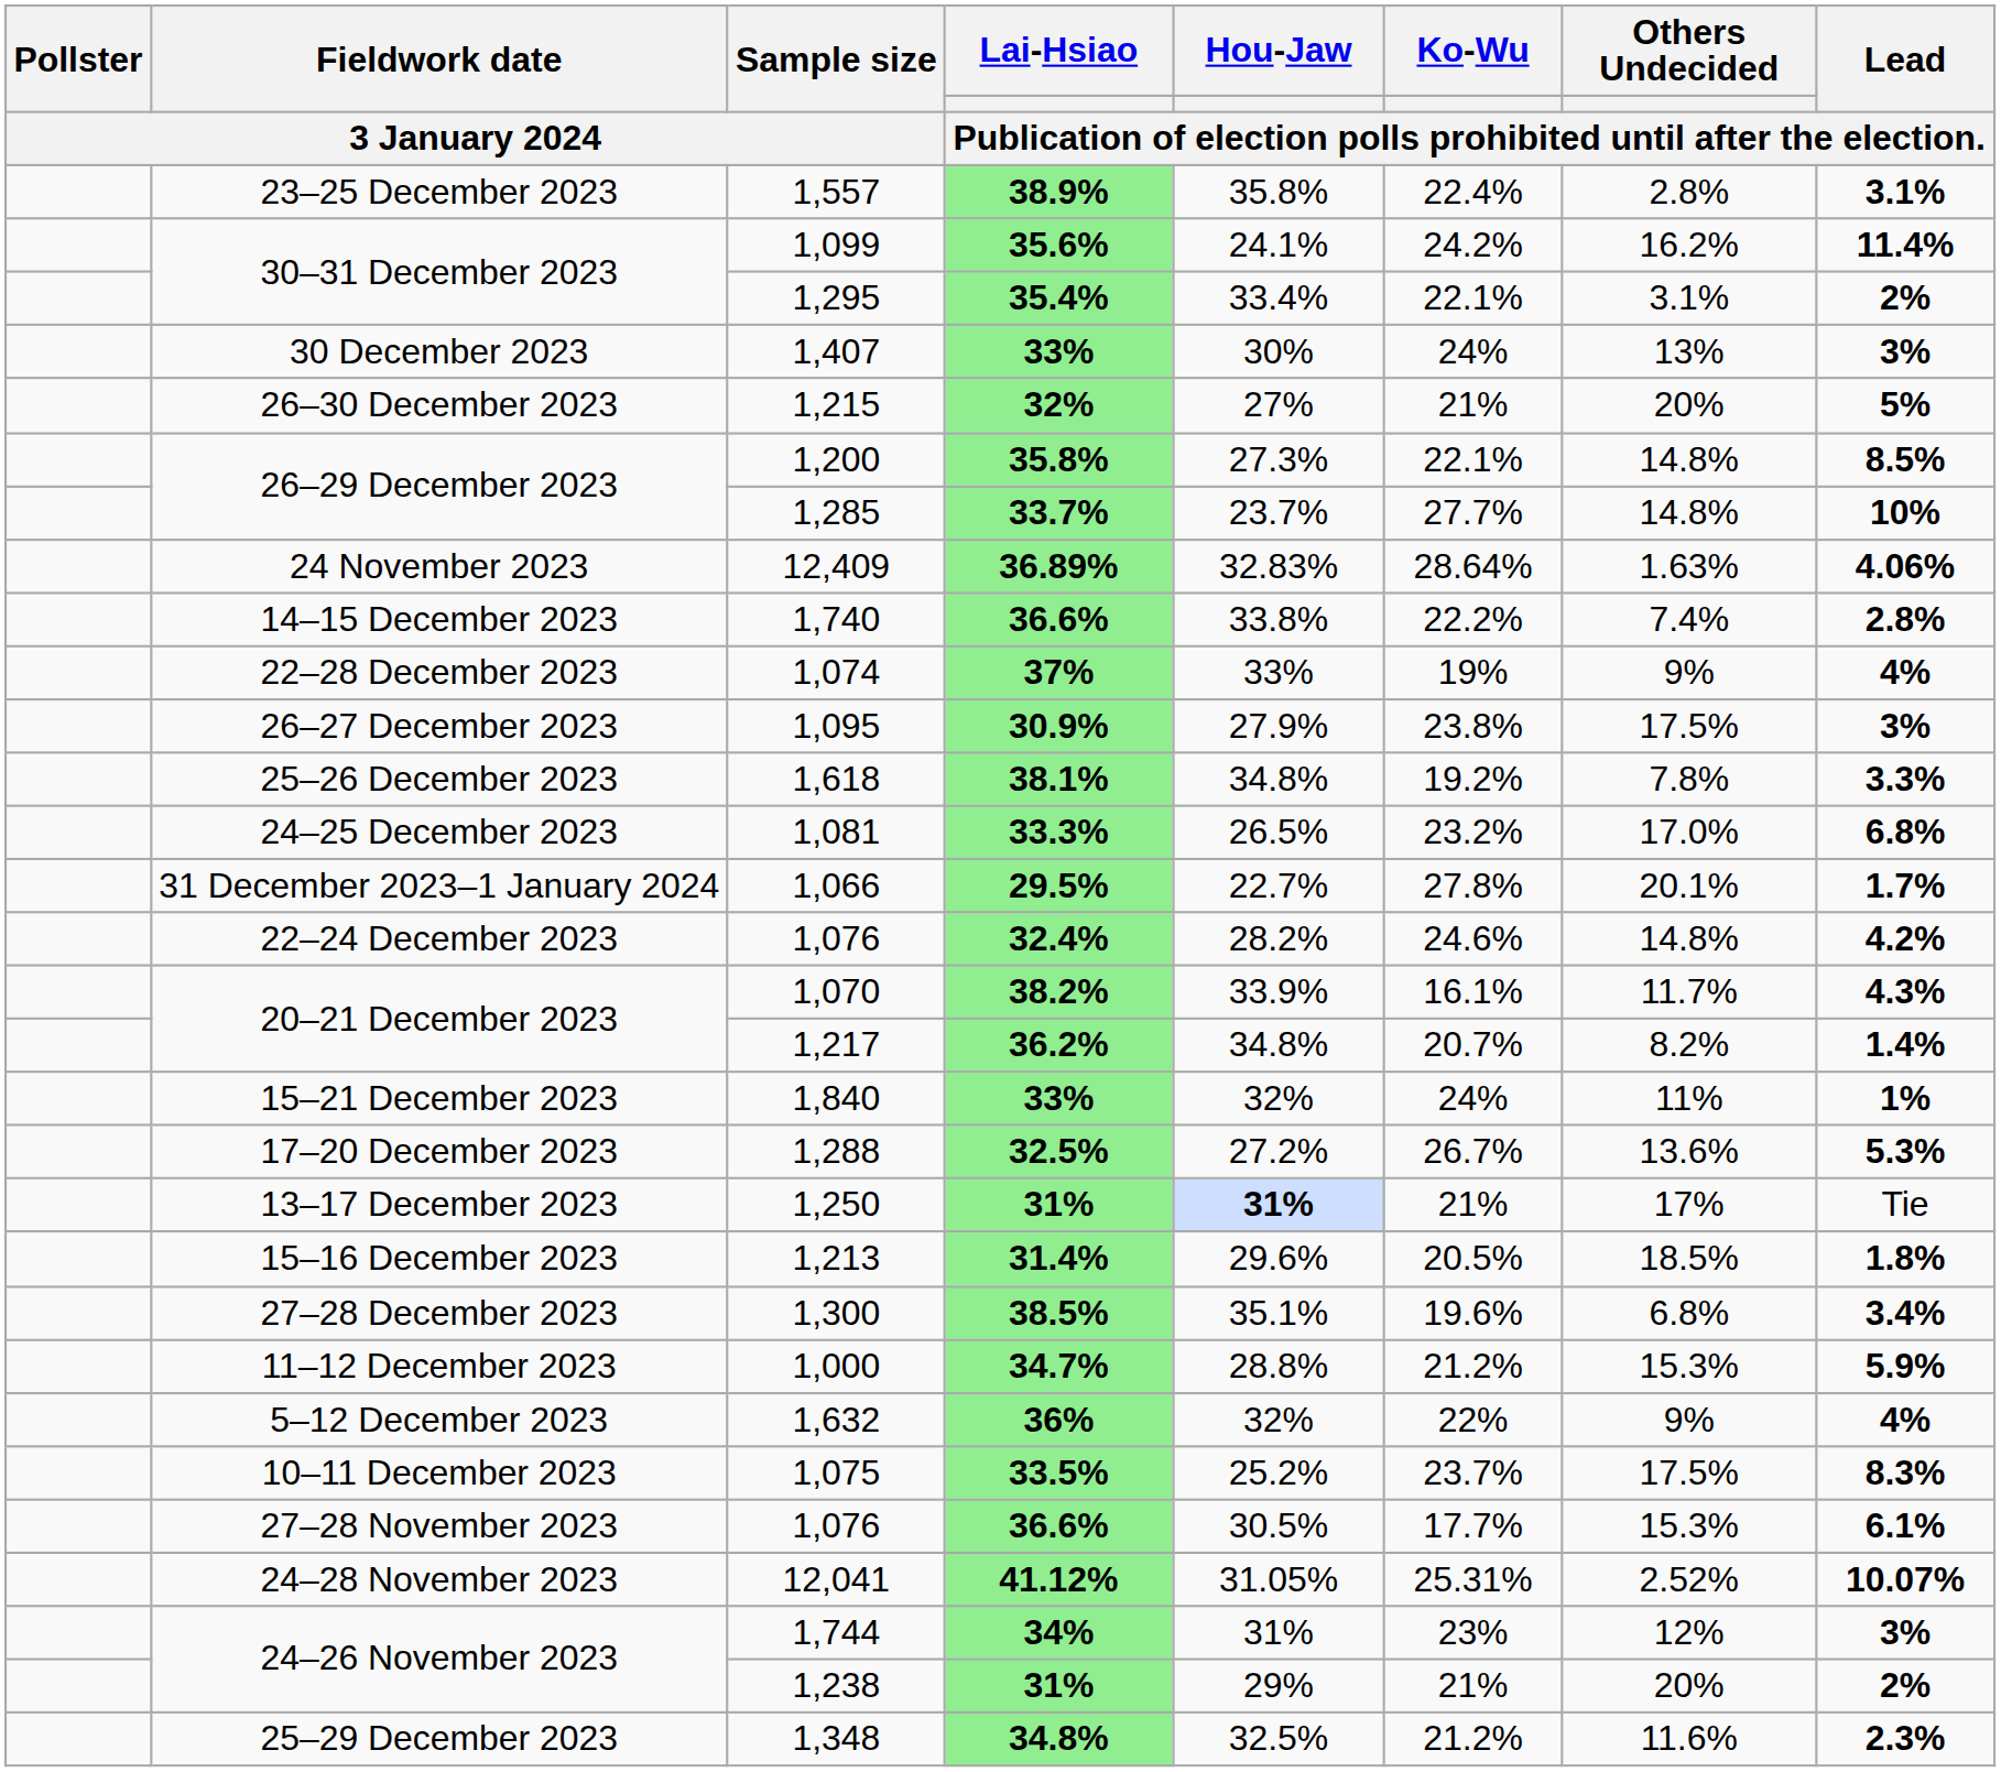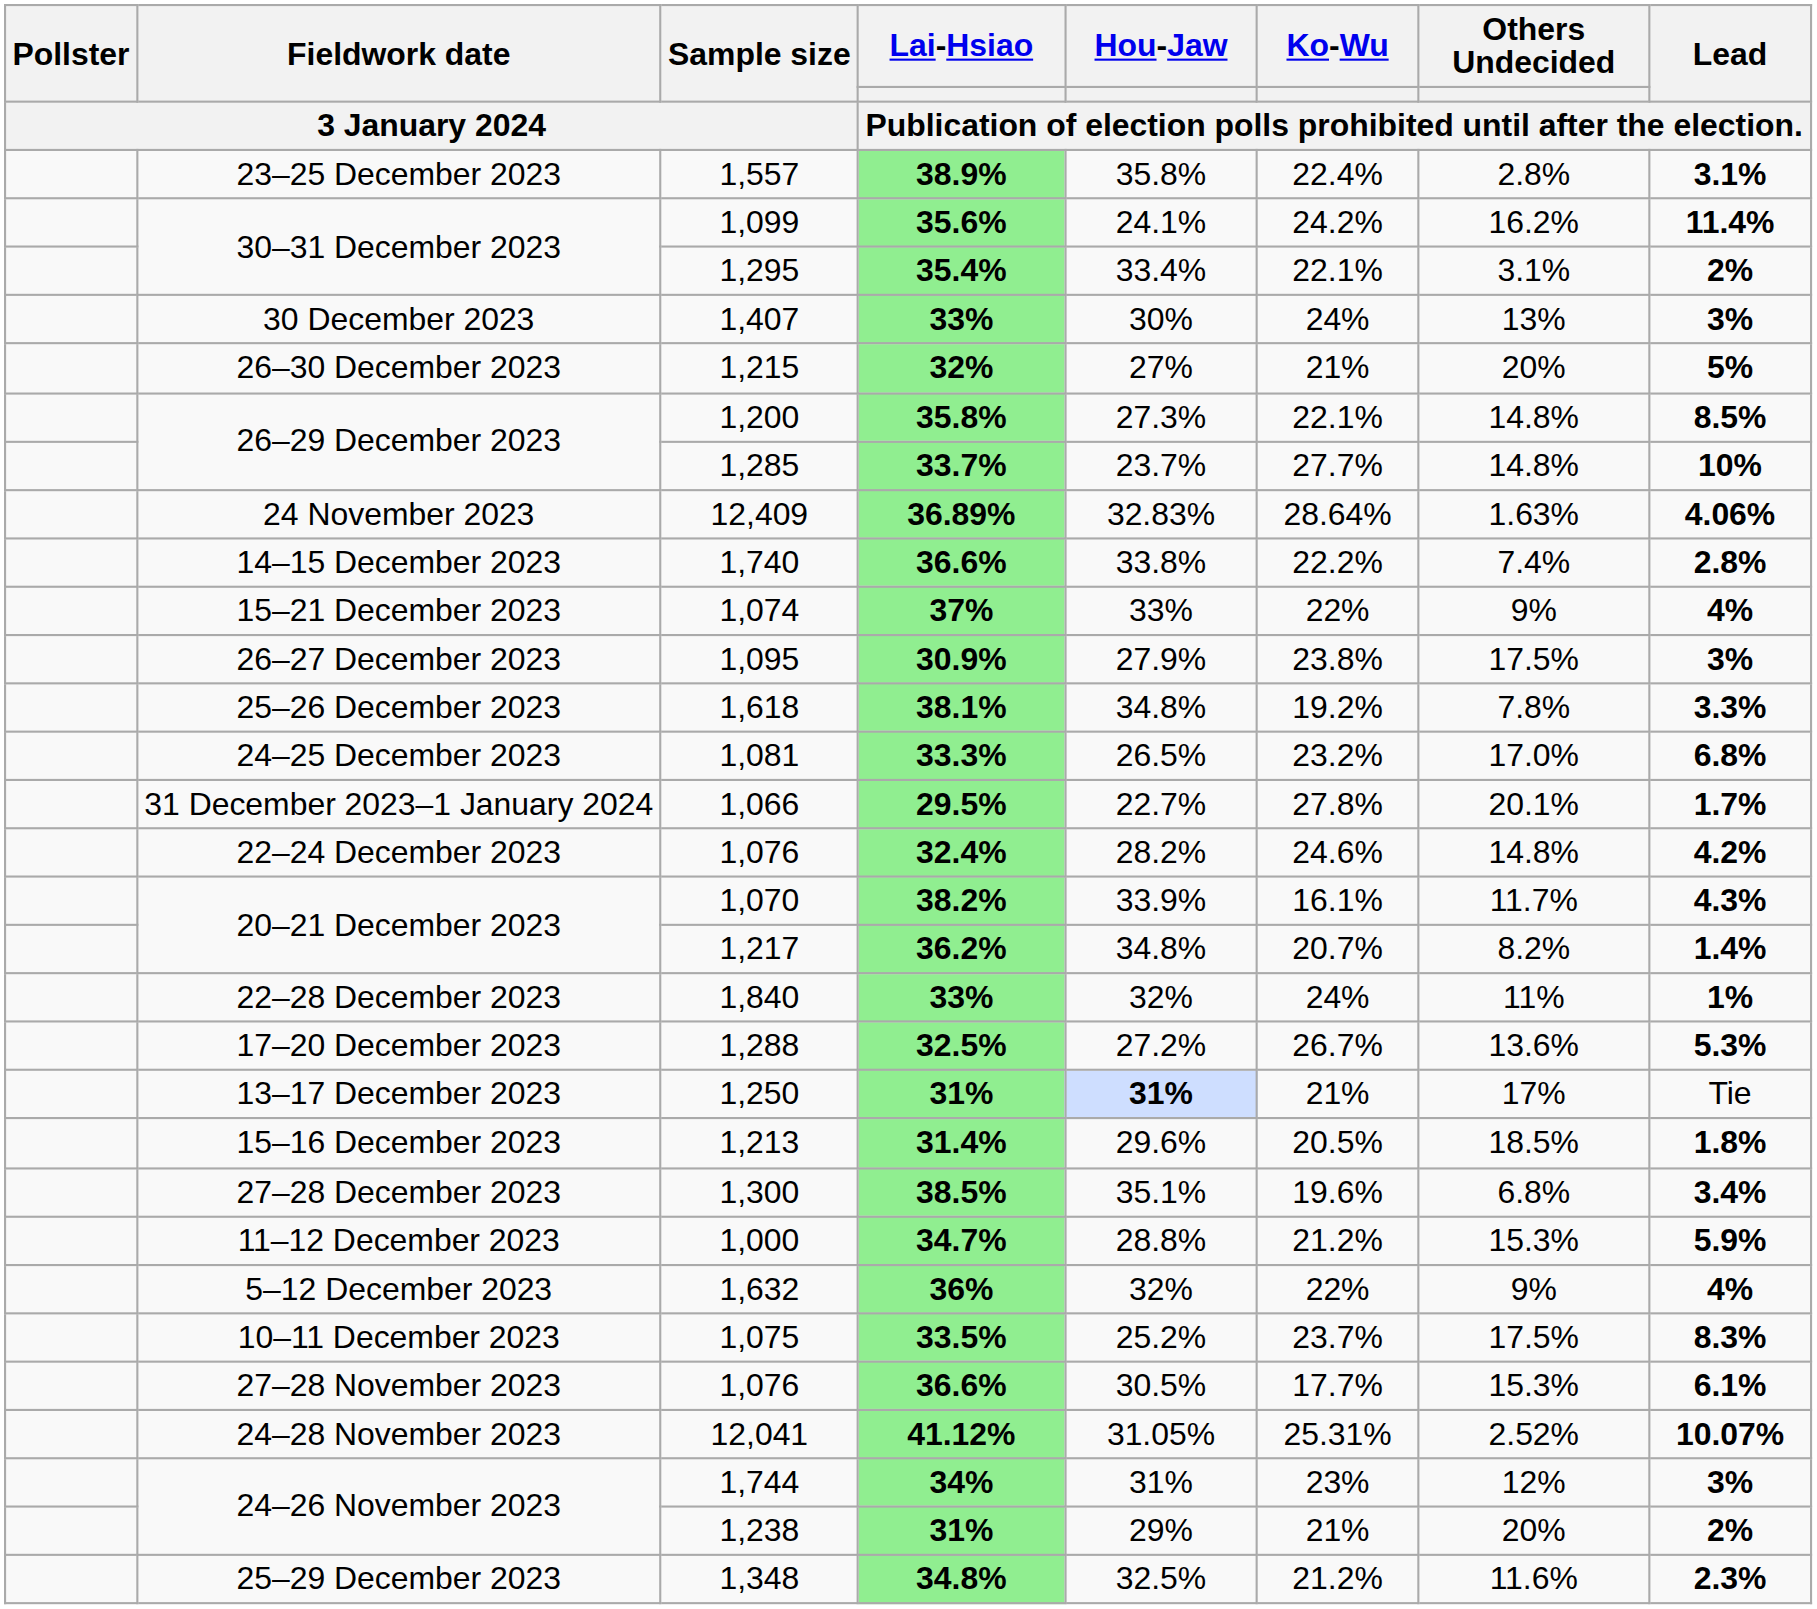 <table class="wikitable" style="text-align:center; font-size:95%; line-height:16px;">
 <tr>
 <th rowspan="2">Pollster</th>
 <th rowspan="2">Fieldwork date</th>
 <th rowspan="2">Sample size</th>
 <th><a href='#'>Lai</a>-<a href='#'>Hsiao</a><br></th>
 <th><a href='#'>Hou</a>-<a href='#'>Jaw</a><br></th>
 <th><a href='#'>Ko</a>-<a href='#'>Wu</a><br></th>
 <th>Others<br>Undecided</th>
 <th rowspan="2">Lead</th>
 </tr>
 <tr>
 <th style="background:"></th>
 <th style="background:"></th>
 <th style="background:"></th>
 <th style="background:"></th>
 </tr>
 <tr>
 <th colspan="3">3 January 2024</th>
 <th colspan="5">Publication of election polls prohibited until after the election.</th>
 </tr>
 <tr>
 <td></td>
 <td>23–25 December 2023</td>
 <td>1,557</td>
 <td style="background:#90ee90;"><strong>38.9%</strong></td>
 <td>35.8%</td>
 <td>22.4%</td>
 <td>2.8%</td>
 <td style="background:"><strong>3.1%</strong></td>
 </tr>
 <tr>
 <td></td>
 <td rowspan="2">30–31 December 2023</td>
 <td>1,099</td>
 <td style="background:#90ee90;"><strong>35.6%</strong></td>
 <td>24.1%</td>
 <td>24.2%</td>
 <td>16.2%</td>
 <td style="background:"><strong>11.4%</strong></td>
 </tr>
 <tr>
 <td></td>
 <td>1,295</td>
 <td style="background:#90ee90;"><strong>35.4%</strong></td>
 <td>33.4%</td>
 <td>22.1%</td>
 <td>3.1%</td>
 <td style="background:"><strong>2%</strong></td>
 </tr>
 <tr>
 <td></td>
 <td>30 December 2023</td>
 <td>1,407</td>
 <td style="background:#90ee90;"><strong>33%</strong></td>
 <td>30%</td>
 <td>24%</td>
 <td>13%</td>
 <td style="background:"><strong>3%</strong></td>
 </tr>
 <tr>
 <td></td>
 <td>26–30 December 2023</td>
 <td>1,215</td>
 <td style="background:#90ee90;"><strong>32%</strong></td>
 <td>27%</td>
 <td>21%</td>
 <td>20%</td>
 <td style="background:"><strong>5%</strong></td>
 </tr>
 <tr>
 <td></td>
 <td rowspan="2">26–29 December 2023</td>
 <td>1,200</td>
 <td style="background:#90ee90;"><strong>35.8%</strong></td>
 <td>27.3%</td>
 <td>22.1%</td>
 <td>14.8%</td>
 <td style="background:"><strong>8.5%</strong></td>
 </tr>
 <tr>
 <td></td>
 <td>1,285</td>
 <td style="background:#90ee90;"><strong>33.7%</strong></td>
 <td>23.7%</td>
 <td>27.7%</td>
 <td>14.8%</td>
 <td style="background:"><strong>10%</strong></td>
 </tr>
 <tr>
 <td></td>
 <td>24 November 2023</td>
 <td>12,409</td>
 <td style="background:#90ee90;"><strong>36.89%</strong></td>
 <td>32.83%</td>
 <td>28.64%</td>
 <td>1.63%</td>
 <td style="background:"><strong>4.06%</strong></td>
 </tr>
 <tr>
 <td></td>
 <td>14–15 December 2023</td>
 <td>1,740</td>
 <td style="background:#90ee90;"><strong>36.6%</strong></td>
 <td>33.8%</td>
 <td>22.2%</td>
 <td>7.4%</td>
 <td style="background:"><strong>2.8%</strong></td>
 </tr>
 <tr>
 <td></td>
-<td>22–28 December 2023</td>
+<td>15–21 December 2023</td>
 <td>1,074</td>
 <td style="background:#90ee90;"><strong>37%</strong></td>
 <td>33%</td>
-<td>19%</td>
+<td>22%</td>
 <td>9%</td>
 <td style="background:"><strong>4%</strong></td>
 </tr>
 <tr>
 <td></td>
 <td>26–27 December 2023</td>
 <td>1,095</td>
 <td style="background:#90ee90;"><strong>30.9%</strong></td>
 <td>27.9%</td>
 <td>23.8%</td>
 <td>17.5%</td>
 <td style="background:"><strong>3%</strong></td>
 </tr>
 <tr>
 <td></td>
 <td>25–26 December 2023</td>
 <td>1,618</td>
 <td style="background:#90ee90;"><strong>38.1%</strong></td>
 <td>34.8%</td>
 <td>19.2%</td>
 <td>7.8%</td>
 <td style="background:"><strong>3.3%</strong></td>
 </tr>
 <tr>
 <td></td>
 <td>24–25 December 2023</td>
 <td>1,081</td>
 <td style="background:#90ee90;"><strong>33.3%</strong></td>
 <td>26.5%</td>
 <td>23.2%</td>
 <td>17.0%</td>
 <td style="background:"><strong>6.8%</strong></td>
 </tr>
 <tr>
 <td></td>
 <td>31 December 2023–1 January 2024</td>
 <td>1,066</td>
 <td style="background:#90ee90;"><strong>29.5%</strong></td>
 <td>22.7%</td>
 <td>27.8%</td>
 <td>20.1%</td>
 <td style="background:"><strong>1.7%</strong></td>
 </tr>
 <tr>
 <td></td>
 <td>22–24 December 2023</td>
 <td>1,076</td>
 <td style="background:#90ee90;"><strong>32.4%</strong></td>
 <td>28.2%</td>
 <td>24.6%</td>
 <td>14.8%</td>
 <td style="background:"><strong>4.2%</strong></td>
 </tr>
 <tr>
 <td></td>
 <td rowspan="2">20–21 December 2023</td>
 <td>1,070</td>
 <td style="background:#90ee90;"><strong>38.2%</strong></td>
 <td>33.9%</td>
 <td>16.1%</td>
 <td>11.7%</td>
 <td style="background:"><strong>4.3%</strong></td>
 </tr>
 <tr>
 <td></td>
 <td>1,217</td>
 <td style="background:#90ee90;"><strong>36.2%</strong></td>
 <td>34.8%</td>
 <td>20.7%</td>
 <td>8.2%</td>
 <td style="background:"><strong>1.4%</strong></td>
 </tr>
 <tr>
 <td></td>
-<td>15–21 December 2023</td>
+<td>22–28 December 2023</td>
 <td>1,840</td>
 <td style="background:#90ee90;"><strong>33%</strong></td>
 <td>32%</td>
 <td>24%</td>
 <td>11%</td>
 <td style="background:"><strong>1%</strong></td>
 </tr>
 <tr>
 <td></td>
 <td>17–20 December 2023</td>
 <td>1,288</td>
 <td style="background:#90ee90;"><strong>32.5%</strong></td>
 <td>27.2%</td>
 <td>26.7%</td>
 <td>13.6%</td>
 <td style="background:"><strong>5.3%</strong></td>
 </tr>
 <tr>
 <td></td>
 <td>13–17 December 2023</td>
 <td>1,250</td>
 <td style="background:#90ee90;"><strong>31%</strong></td>
 <td style="background:#cedeff;"><strong>31%</strong></td>
 <td>21%</td>
 <td>17%</td>
 <td>Tie</td>
 </tr>
 <tr>
 <td></td>
 <td>15–16 December 2023</td>
 <td>1,213</td>
 <td style="background:#90ee90;"><strong>31.4%</strong></td>
 <td>29.6%</td>
 <td>20.5%</td>
 <td>18.5%</td>
 <td style="background:"><strong>1.8%</strong></td>
 </tr>
 <tr>
 <td></td>
 <td>27–28 December 2023</td>
 <td>1,300</td>
 <td style="background:#90ee90;"><strong>38.5%</strong></td>
 <td>35.1%</td>
 <td>19.6%</td>
 <td>6.8%</td>
 <td style="background:"><strong>3.4%</strong></td>
 </tr>
 <tr>
 <td></td>
 <td>11–12 December 2023</td>
 <td>1,000</td>
 <td style="background:#90ee90;"><strong>34.7%</strong></td>
 <td>28.8%</td>
 <td>21.2%</td>
 <td>15.3%</td>
 <td style="background:"><strong>5.9%</strong></td>
 </tr>
 <tr>
 <td></td>
 <td>5–12 December 2023</td>
 <td>1,632</td>
 <td style="background:#90ee90;"><strong>36%</strong></td>
 <td>32%</td>
 <td>22%</td>
 <td>9%</td>
 <td style="background:"><strong>4%</strong></td>
 </tr>
 <tr>
 <td></td>
 <td>10–11 December 2023</td>
 <td>1,075</td>
 <td style="background:#90ee90;"><strong>33.5%</strong></td>
 <td>25.2%</td>
 <td>23.7%</td>
 <td>17.5%</td>
 <td style="background:"><strong>8.3%</strong></td>
 </tr>
 <tr>
 <td></td>
 <td>27–28 November 2023</td>
 <td>1,076</td>
 <td style="background:#90ee90;"><strong>36.6%</strong></td>
 <td>30.5%</td>
 <td>17.7%</td>
 <td>15.3%</td>
 <td style="background:"><strong>6.1%</strong></td>
 </tr>
 <tr>
 <td></td>
 <td>24–28 November 2023</td>
 <td>12,041</td>
 <td style="background:#90ee90;"><strong>41.12%</strong></td>
 <td>31.05%</td>
 <td>25.31%</td>
 <td>2.52%</td>
 <td style="background:"><strong>10.07%</strong></td>
 </tr>
 <tr>
 <td></td>
 <td rowspan="2">24–26 November 2023</td>
 <td>1,744</td>
 <td style="background:#90ee90;"><strong>34%</strong></td>
 <td>31%</td>
 <td>23%</td>
 <td>12%</td>
 <td style="background:"><strong>3%</strong></td>
 </tr>
 <tr>
 <td></td>
 <td>1,238</td>
 <td style="background:#90ee90;"><strong>31%</strong></td>
 <td>29%</td>
 <td>21%</td>
 <td>20%</td>
 <td style="background:"><strong>2%</strong></td>
 </tr>
 <tr>
 <td></td>
 <td>25–29 December 2023</td>
 <td>1,348</td>
 <td style="background:#90ee90;"><strong>34.8%</strong></td>
 <td>32.5%</td>
 <td>21.2%</td>
 <td>11.6%</td>
 <td style="background:"><strong>2.3%</strong></td>
 </tr>
 </table>
